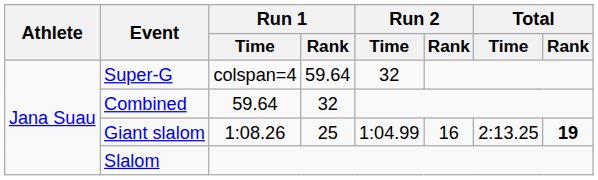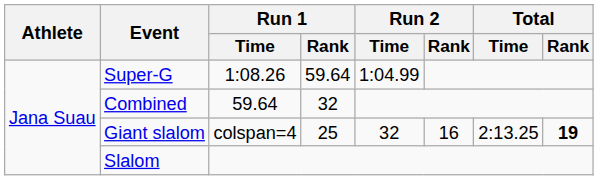 <table class="wikitable" style="font-size:90%">
 <tr>
 <th rowspan=2>Athlete</th>
 <th rowspan=2>Event</th>
 <th colspan=2>Run 1</th>
 <th colspan=2>Run 2</th>
 <th colspan=2>Total</th>
 </tr>
 <tr style="font-size:95%">
 <th>Time</th>
 <th>Rank</th>
 <th>Time</th>
 <th>Rank</th>
 <th>Time</th>
 <th>Rank</th>
 </tr>
 <tr align=center>
 <td align="left" rowspan="4"><a href='#'>Jana Suau</a></td>
 <td align="left"><a href='#'>Super-G</a></td>
-<td>colspan=4</td>
+<td>1:08.26</td>
 <td>59.64</td>
-<td>32</td>
+<td>1:04.99</td>
 </tr>
 <tr align=center>
 <td align="left"><a href='#'>Combined</a></td>
 <td>59.64</td>
 <td>32</td>
 <td colspan=4></td>
 </tr>
 <tr align=center>
 <td align="left"><a href='#'>Giant slalom</a></td>
-<td>1:08.26</td>
+<td>colspan=4</td>
 <td>25</td>
-<td>1:04.99</td>
+<td>32</td>
 <td>16</td>
 <td>2:13.25</td>
 <td><strong>19</strong></td>
 </tr>
 <tr align=center>
 <td align="left"><a href='#'>Slalom</a></td>
 <td colspan=6></td>
 </tr>
 </table>
